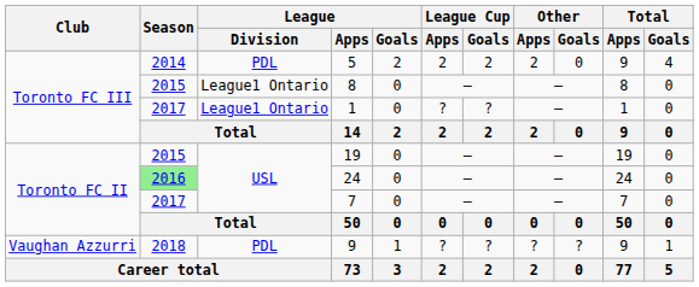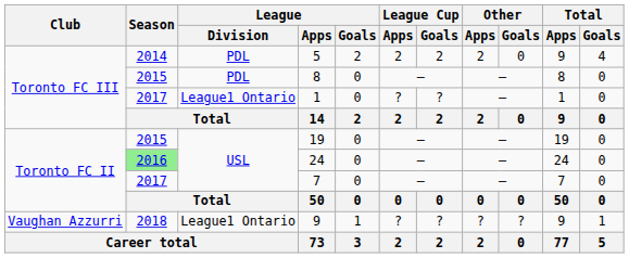 <table class="wikitable" style="text-align:center">
 <tr>
 <th rowspan="2">Club</th>
 <th rowspan="2">Season</th>
 <th colspan="3">League</th>
 <th colspan="2">League Cup</th>
 <th colspan="2">Other</th>
 <th colspan="2">Total</th>
 </tr>
 <tr>
 <th>Division</th>
 <th>Apps</th>
 <th>Goals</th>
 <th>Apps</th>
 <th>Goals</th>
 <th>Apps</th>
 <th>Goals</th>
 <th>Apps</th>
 <th>Goals</th>
 </tr>
 <tr>
 <td rowspan="4"><a href='#'>Toronto FC III</a></td>
 <td><a href='#'>2014</a></td>
 <td><a href='#'>PDL</a></td>
 <td>5</td>
 <td>2</td>
 <td>2</td>
 <td>2</td>
 <td>2</td>
 <td>0</td>
 <td>9</td>
 <td>4</td>
 </tr>
 <tr>
 <td><a href='#'>2015</a></td>
-<td>League1 Ontario</td>
+<td><a href='#'>PDL</a></td>
 <td>8</td>
 <td>0</td>
 <td colspan="2">—</td>
 <td colspan="2">—</td>
 <td>8</td>
 <td>0</td>
 </tr>
 <tr>
 <td><a href='#'>2017</a></td>
 <td><a href='#'>League1 Ontario</a></td>
 <td>1</td>
 <td>0</td>
 <td>?</td>
 <td>?</td>
 <td colspan="2">—</td>
 <td>1</td>
 <td>0</td>
 </tr>
 <tr>
 <th colspan="2">Total</th>
 <th>14</th>
 <th>2</th>
 <th>2</th>
 <th>2</th>
 <th>2</th>
 <th>0</th>
 <th>9</th>
 <th>0</th>
 </tr>
 <tr>
 <td rowspan="4"><a href='#'>Toronto FC II</a></td>
 <td><a href='#'>2015</a></td>
 <td rowspan="3"><a href='#'>USL</a></td>
 <td>19</td>
 <td>0</td>
 <td colspan="2">—</td>
 <td colspan="2">—</td>
 <td>19</td>
 <td>0</td>
 </tr>
 <tr>
 <td style="background: lightgreen;"><a href='#'>2016</a></td>
 <td>24</td>
 <td>0</td>
 <td colspan="2">—</td>
 <td colspan="2">—</td>
 <td>24</td>
 <td>0</td>
 </tr>
 <tr>
 <td><a href='#'>2017</a></td>
 <td>7</td>
 <td>0</td>
 <td colspan="2">—</td>
 <td colspan="2">—</td>
 <td>7</td>
 <td>0</td>
 </tr>
 <tr>
 <th colspan="2">Total</th>
 <th>50</th>
 <th>0</th>
 <th>0</th>
 <th>0</th>
 <th>0</th>
 <th>0</th>
 <th>50</th>
 <th>0</th>
 </tr>
 <tr>
 <td><a href='#'>Vaughan Azzurri</a></td>
 <td><a href='#'>2018</a></td>
-<td><a href='#'>PDL</a></td>
+<td>League1 Ontario</td>
 <td>9</td>
 <td>1</td>
 <td>?</td>
 <td>?</td>
 <td>?</td>
 <td>?</td>
 <td>9</td>
 <td>1</td>
 </tr>
 <tr>
 <th colspan="3">Career total</th>
 <th>73</th>
 <th>3</th>
 <th>2</th>
 <th>2</th>
 <th>2</th>
 <th>0</th>
 <th>77</th>
 <th>5</th>
 </tr>
 </table>
